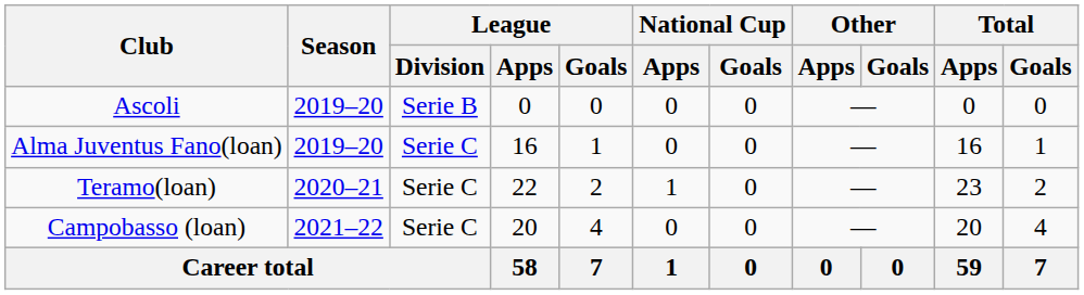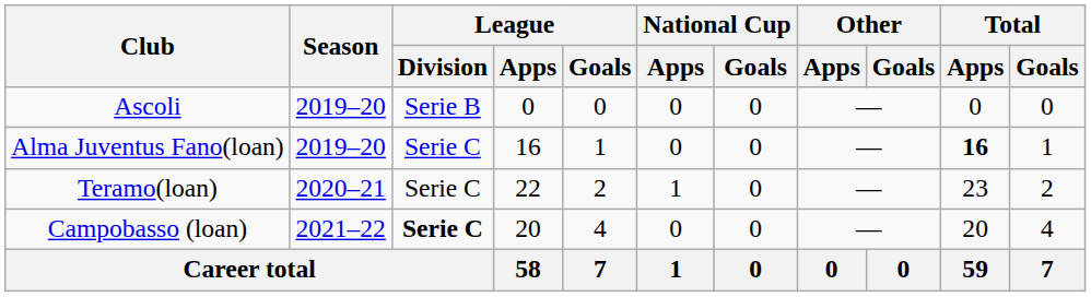 <table class="wikitable" style="text-align:center">
 <tr>
 <th rowspan="2">Club</th>
 <th rowspan="2">Season</th>
 <th colspan="3">League</th>
 <th colspan="2">National Cup</th>
 <th colspan="2">Other</th>
 <th colspan="2">Total</th>
 </tr>
 <tr>
 <th>Division</th>
 <th>Apps</th>
 <th>Goals</th>
 <th>Apps</th>
 <th>Goals</th>
 <th>Apps</th>
 <th>Goals</th>
 <th>Apps</th>
 <th>Goals</th>
 </tr>
 <tr>
 <td><a href='#'>Ascoli</a></td>
 <td><a href='#'>2019–20</a></td>
 <td><a href='#'>Serie B</a></td>
 <td>0</td>
 <td>0</td>
 <td>0</td>
 <td>0</td>
 <td colspan="2">—</td>
 <td>0</td>
 <td>0</td>
 </tr>
 <tr>
 <td><a href='#'>Alma Juventus Fano</a>(loan)</td>
 <td><a href='#'>2019–20</a></td>
 <td><a href='#'>Serie C</a></td>
 <td>16</td>
 <td>1</td>
 <td>0</td>
 <td>0</td>
 <td colspan="2">—</td>
-<td>16</td>
+<td><strong>16</strong></td>
 <td>1</td>
 </tr>
 <tr>
 <td><a href='#'>Teramo</a>(loan)</td>
 <td><a href='#'>2020–21</a></td>
 <td>Serie C</td>
 <td>22</td>
 <td>2</td>
 <td>1</td>
 <td>0</td>
 <td colspan="2">—</td>
 <td>23</td>
 <td>2</td>
 </tr>
 <tr>
 <td><a href='#'>Campobasso</a> (loan)</td>
 <td><a href='#'>2021–22</a></td>
-<td>Serie C</td>
+<td><strong>Serie C</strong></td>
 <td>20</td>
 <td>4</td>
 <td>0</td>
 <td>0</td>
 <td colspan="2">—</td>
 <td>20</td>
 <td>4</td>
 </tr>
 <tr>
 <th colspan="3">Career total</th>
 <th>58</th>
 <th>7</th>
 <th>1</th>
 <th>0</th>
 <th>0</th>
 <th>0</th>
 <th>59</th>
 <th>7</th>
 </tr>
 </table>
